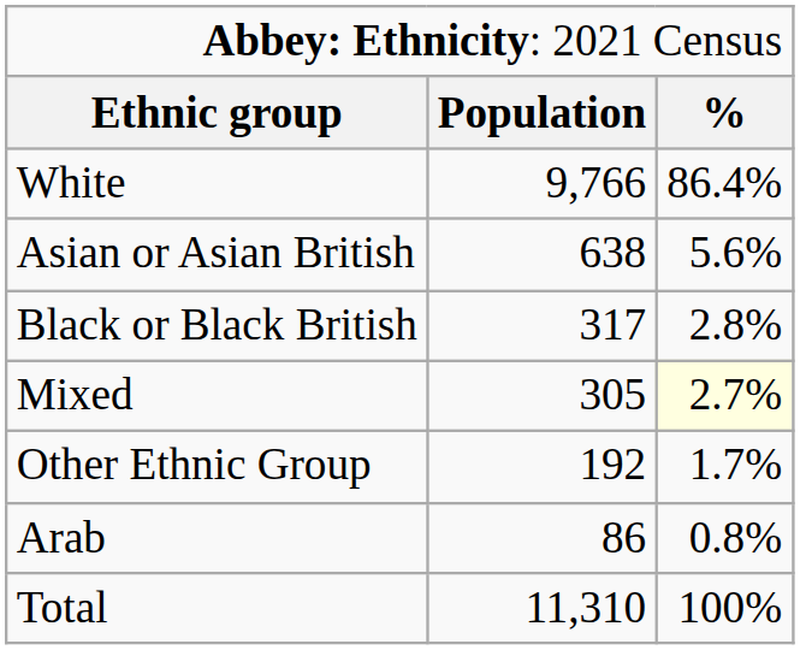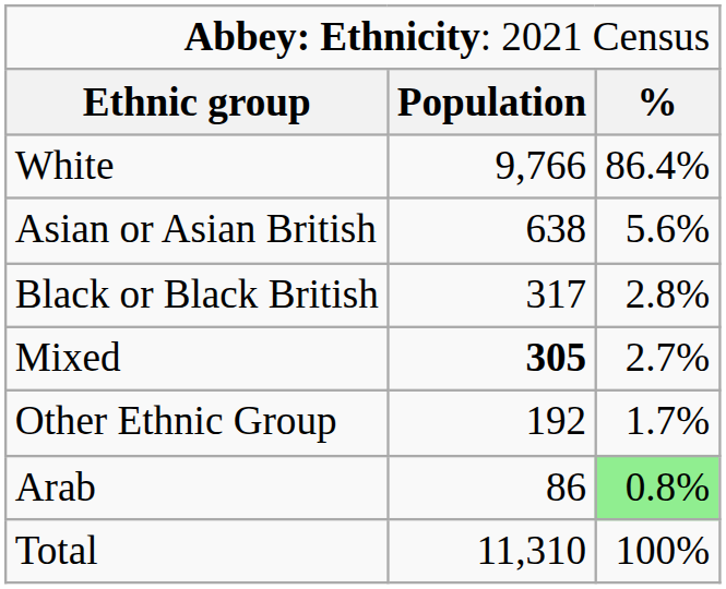 <table class="wikitable">
 <tr>
 <td colspan="14" style="text-align:right;"><strong>Abbey: Ethnicity</strong>: 2021 Census</td>
 </tr>
 <tr>
 <th>Ethnic group</th>
 <th>Population</th>
 <th>%</th>
 </tr>
 <tr>
 <td>White</td>
 <td style="text-align:right;">9,766</td>
 <td style="text-align:right;">86.4%</td>
 </tr>
 <tr>
 <td>Asian or Asian British</td>
 <td style="text-align:right;">638</td>
 <td style="text-align:right;">5.6%</td>
 </tr>
 <tr>
 <td>Black or Black British</td>
 <td style="text-align:right;">317</td>
 <td style="text-align:right;">2.8%</td>
 </tr>
 <tr>
 <td>Mixed</td>
-<td style="text-align:right;">305</td>
-<td style="background: lightyellow; text-align:right;">2.7%</td>
+<td style="text-align:right;"><strong>305</strong></td>
+<td style="text-align:right;">2.7%</td>
 </tr>
 <tr>
 <td>Other Ethnic Group</td>
 <td style="text-align:right;">192</td>
 <td style="text-align:right;">1.7%</td>
 </tr>
 <tr>
 <td>Arab</td>
 <td style="text-align:right;">86</td>
-<td style="text-align:right;">0.8%</td>
+<td style="background: lightgreen; text-align:right;">0.8%</td>
 </tr>
 <tr>
 <td>Total</td>
 <td style="text-align:right;">11,310</td>
 <td style="text-align:right;">100%</td>
 </tr>
 </table>
